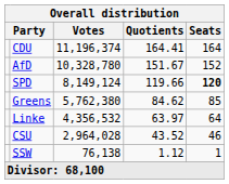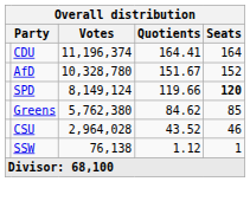 <table class="wikitable">
 <tr>
 <th colspan="5">Overall distribution</th>
 </tr>
 <tr>
 <th colspan="2">Party</th>
 <th>Votes</th>
 <th>Quotients</th>
 <th>Seats</th>
 </tr>
 <tr>
 <td></td>
 <td style="text-align:left;"><a href='#'>CDU</a></td>
 <td style="text-align:right;">11,196,374</td>
 <td style="text-align:right;">164.41</td>
 <td style="text-align:right;">164</td>
 </tr>
 <tr>
 <td></td>
 <td style="text-align:left;"><a href='#'>AfD</a></td>
 <td style="text-align:right;">10,328,780</td>
 <td style="text-align:right;">151.67</td>
 <td style="text-align:right;">152</td>
 </tr>
 <tr>
 <td></td>
 <td style="text-align:left;"><a href='#'>SPD</a></td>
 <td style="text-align:right;">8,149,124</td>
 <td style="text-align:right;">119.66</td>
 <td style="text-align:right;"><strong>120</strong></td>
 </tr>
 <tr>
 <td></td>
 <td style="text-align:left;"><a href='#'>Greens</a></td>
 <td style="text-align:right;">5,762,380</td>
 <td style="text-align:right;">84.62</td>
 <td style="text-align:right;">85</td>
 </tr>
 <tr>
 <td></td>
-<td style="text-align:left;"><a href='#'>Linke</a></td>
-<td style="text-align:right;">4,356,532</td>
-<td style="text-align:right;">63.97</td>
-<td style="text-align:right;">64</td>
-</tr>
-<tr>
-<td></td>
 <td style="text-align:left;"><a href='#'>CSU</a></td>
 <td style="text-align:right;">2,964,028</td>
 <td style="text-align:right;">43.52</td>
 <td style="text-align:right;">46</td>
 </tr>
 <tr>
 <td></td>
 <td style="text-align:left;"><a href='#'>SSW</a></td>
 <td style="text-align:right;">76,138</td>
 <td style="text-align:right;">1.12</td>
 <td style="text-align:right;">1</td>
 </tr>
 <tr style="background-color:#E9E9E9">
 <td colspan="5" style="text-align:left;"><strong>Divisor: 68,100</strong></td>
 </tr>
 </table>
